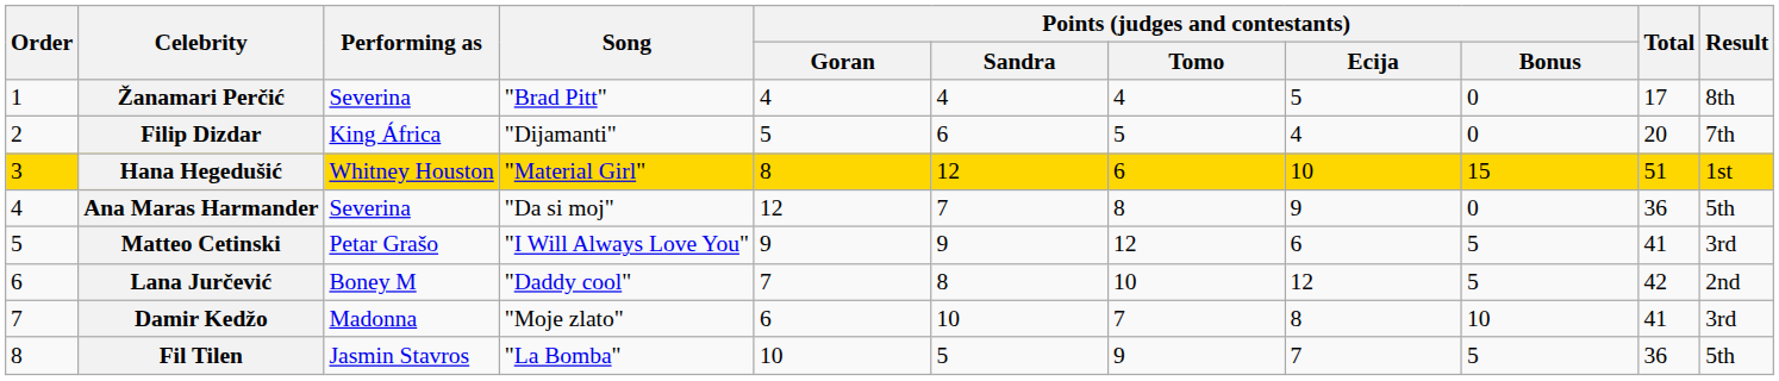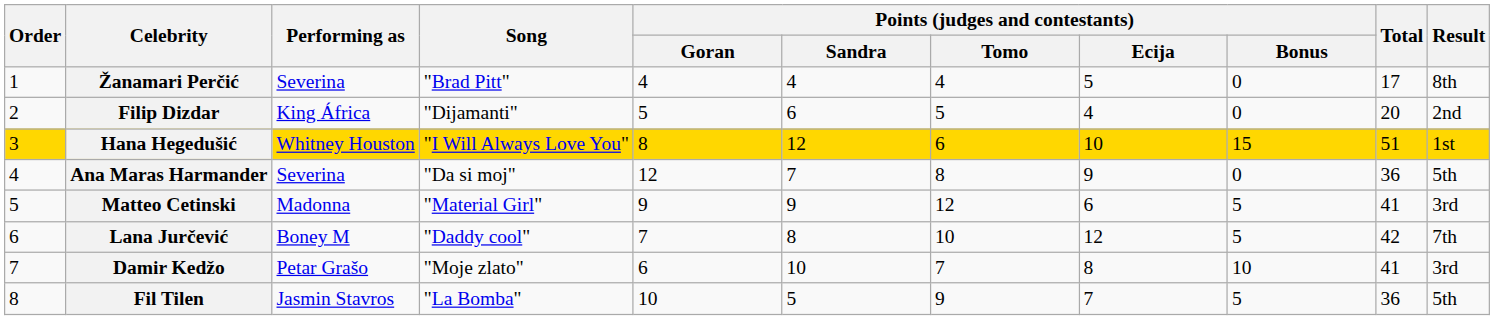 <table class=wikitable>
 <tr>
 <th rowspan="2">Order</th>
 <th rowspan="2">Celebrity</th>
 <th rowspan="2">Performing as</th>
 <th rowspan="2">Song</th>
 <th colspan="5" style="width:50%;">Points (judges and contestants)</th>
 <th rowspan="2">Total</th>
 <th rowspan="2">Result</th>
 </tr>
 <tr>
 <th style="width:10%;">Goran</th>
 <th style="width:10%;">Sandra</th>
 <th style="width:10%;">Tomo</th>
 <th style="width:10%;">Ecija</th>
 <th style="width:10%;">Bonus</th>
 </tr>
 <tr>
 <td>1</td>
 <th scope="row">Žanamari Perčić</th>
 <td><a href='#'>Severina</a></td>
 <td>"<a href='#'>Brad Pitt</a>"</td>
 <td>4</td>
 <td>4</td>
 <td>4</td>
 <td>5</td>
 <td>0</td>
 <td>17</td>
 <td>8th</td>
 </tr>
 <tr>
 <td>2</td>
 <th scope="row">Filip Dizdar</th>
 <td><a href='#'>King África</a></td>
 <td>"Dijamanti"</td>
 <td>5</td>
 <td>6</td>
 <td>5</td>
 <td>4</td>
 <td>0</td>
 <td>20</td>
-<td>7th</td>
+<td>2nd</td>
 </tr>
 <tr style="background:gold;">
 <td>3</td>
 <th scope="row">Hana Hegedušić</th>
 <td><a href='#'>Whitney Houston</a></td>
-<td>"<a href='#'>Material Girl</a>"</td>
+<td>"<a href='#'>I Will Always Love You</a>"</td>
 <td>8</td>
 <td>12</td>
 <td>6</td>
 <td>10</td>
 <td>15</td>
 <td>51</td>
 <td>1st</td>
 </tr>
 <tr>
 <td>4</td>
 <th scope="row">Ana Maras Harmander</th>
 <td><a href='#'>Severina</a></td>
 <td>"Da si moj"</td>
 <td>12</td>
 <td>7</td>
 <td>8</td>
 <td>9</td>
 <td>0</td>
 <td>36</td>
 <td>5th</td>
 </tr>
 <tr>
 <td>5</td>
 <th scope="row">Matteo Cetinski</th>
-<td><a href='#'>Petar Grašo</a></td>
-<td>"<a href='#'>I Will Always Love You</a>"</td>
+<td><a href='#'>Madonna</a></td>
+<td>"<a href='#'>Material Girl</a>"</td>
 <td>9</td>
 <td>9</td>
 <td>12</td>
 <td>6</td>
 <td>5</td>
 <td>41</td>
 <td>3rd</td>
 </tr>
 <tr>
 <td>6</td>
 <th scope="row">Lana Jurčević</th>
 <td><a href='#'>Boney M</a></td>
 <td>"<a href='#'>Daddy cool</a>"</td>
 <td>7</td>
 <td>8</td>
 <td>10</td>
 <td>12</td>
 <td>5</td>
 <td>42</td>
-<td>2nd</td>
+<td>7th</td>
 </tr>
 <tr>
 <td>7</td>
 <th scope="row">Damir Kedžo</th>
-<td><a href='#'>Madonna</a></td>
+<td><a href='#'>Petar Grašo</a></td>
 <td>"Moje zlato"</td>
 <td>6</td>
 <td>10</td>
 <td>7</td>
 <td>8</td>
 <td>10</td>
 <td>41</td>
 <td>3rd</td>
 </tr>
 <tr>
 <td>8</td>
 <th scope="row">Fil Tilen</th>
 <td><a href='#'>Jasmin Stavros</a></td>
 <td>"<a href='#'>La Bomba</a>"</td>
 <td>10</td>
 <td>5</td>
 <td>9</td>
 <td>7</td>
 <td>5</td>
 <td>36</td>
 <td>5th</td>
 </tr>
 </table>
